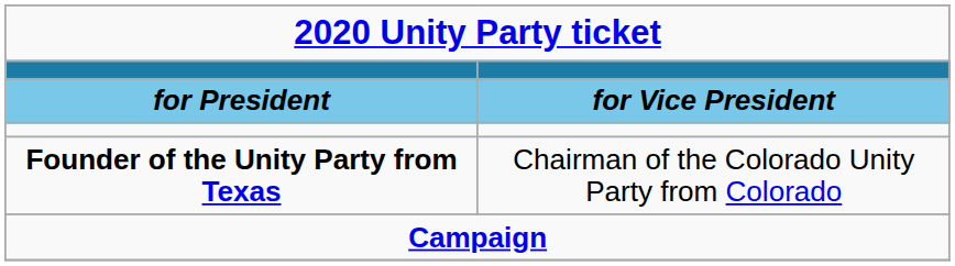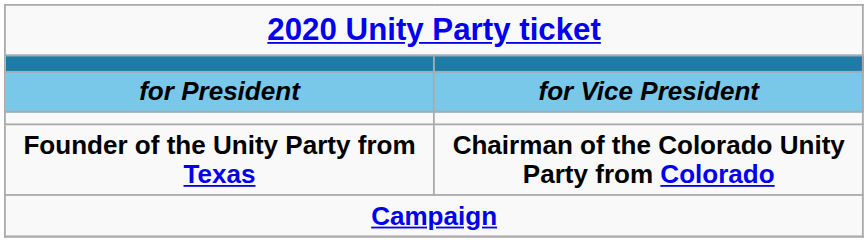 <table class="wikitable" style="font-size:90%; text-align:center;">
 <tr>
 <td colspan=2><big><strong><a href='#'>2020 Unity Party ticket</a></strong></big></td>
 </tr>
 <tr>
 <th style="font-size:135%; background:#1C7CA6"></th>
 <th style="font-size:135%; background:#1C7CA6"></th>
 </tr>
 <tr style="background:#7AC8E9; font-size:100%">
 <td><strong><em>for President</em></strong></td>
 <td><strong><em>for Vice President</em></strong></td>
 </tr>
 <tr>
 <td></td>
 <td></td>
 </tr>
 <tr>
 <td style=width:16em><strong>Founder of the Unity Party from <a href='#'>Texas</a></strong></td>
-<td style=width:16em>Chairman of the Colorado Unity Party from <a href='#'>Colorado</a></td>
+<td style=width:16em><strong>Chairman of the Colorado Unity Party from <a href='#'>Colorado</a></strong></td>
 </tr>
 <tr>
 <td colspan=2><a href='#'><strong>Campaign</strong></a></td>
 </tr>
 <tr>
 </tr>
 </table>
